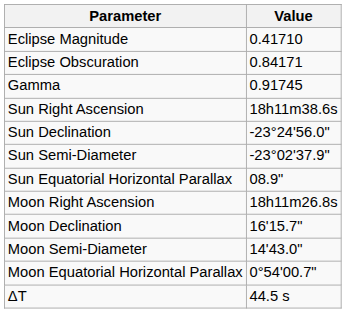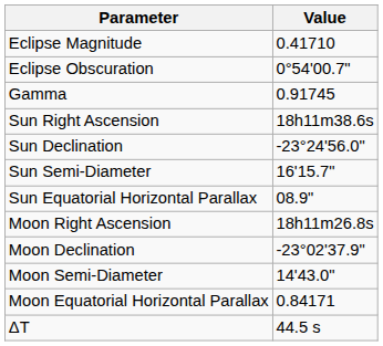 <table class="wikitable">
 <tr>
 <th>Parameter</th>
 <th>Value</th>
 </tr>
 <tr>
 <td>Eclipse Magnitude</td>
 <td>0.41710</td>
 </tr>
 <tr>
 <td>Eclipse Obscuration</td>
-<td>0.84171</td>
+<td>0°54'00.7"</td>
 </tr>
 <tr>
 <td>Gamma</td>
 <td>0.91745</td>
 </tr>
 <tr>
 <td>Sun Right Ascension</td>
 <td>18h11m38.6s</td>
 </tr>
 <tr>
 <td>Sun Declination</td>
 <td>-23°24'56.0"</td>
 </tr>
 <tr>
 <td>Sun Semi-Diameter</td>
-<td>-23°02'37.9"</td>
+<td>16'15.7"</td>
 </tr>
 <tr>
 <td>Sun Equatorial Horizontal Parallax</td>
 <td>08.9"</td>
 </tr>
 <tr>
 <td>Moon Right Ascension</td>
 <td>18h11m26.8s</td>
 </tr>
 <tr>
 <td>Moon Declination</td>
-<td>16'15.7"</td>
+<td>-23°02'37.9"</td>
 </tr>
 <tr>
 <td>Moon Semi-Diameter</td>
 <td>14'43.0"</td>
 </tr>
 <tr>
 <td>Moon Equatorial Horizontal Parallax</td>
-<td>0°54'00.7"</td>
+<td>0.84171</td>
 </tr>
 <tr>
 <td>ΔT</td>
 <td>44.5 s</td>
 </tr>
 </table>
